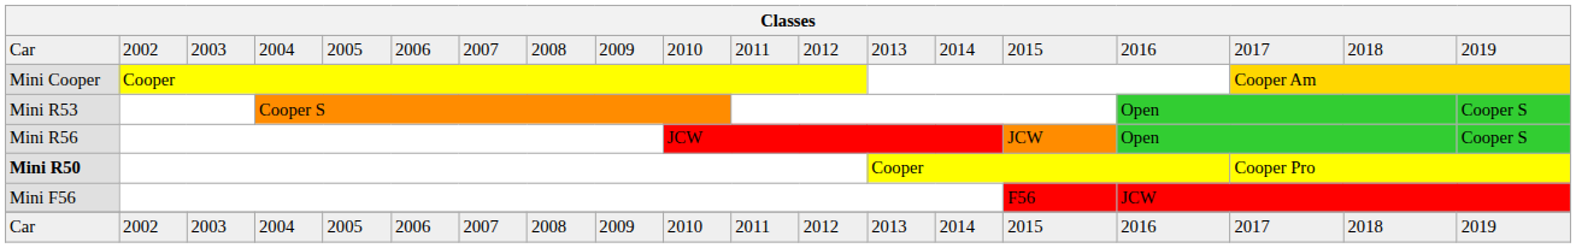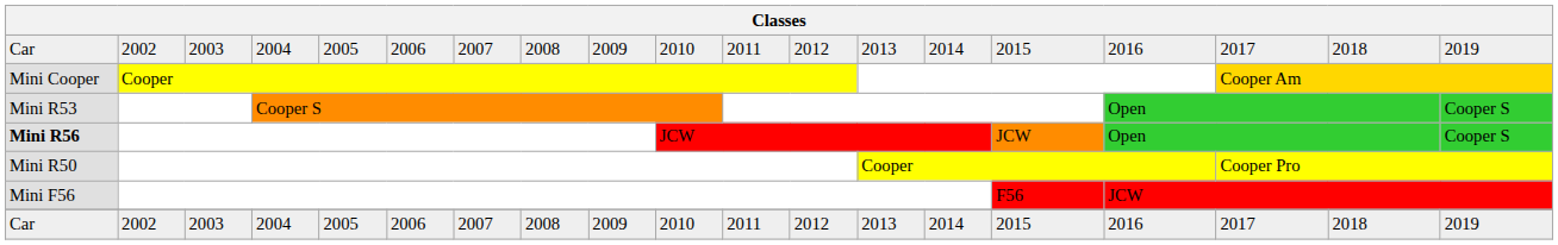 <table class="wikitable" style="font-size:88%">
 <tr>
 <th colspan=31>Classes</th>
 </tr>
 <tr>
 </tr>
 <tr style="background:#EFEFEF;">
 <td width=5%>Car</td>
 <td width=3%>2002</td>
 <td width=3%>2003</td>
 <td width=3%>2004</td>
 <td width=3%>2005</td>
 <td width=3%>2006</td>
 <td width=3%>2007</td>
 <td width=3%>2008</td>
 <td width=3%>2009</td>
 <td width=3%>2010</td>
 <td width=3%>2011</td>
 <td width=3%>2012</td>
 <td width=3%>2013</td>
 <td width=3%>2014</td>
 <td width=5%>2015</td>
 <td width=5%>2016</td>
 <td width=5%>2017</td>
 <td width=5%>2018</td>
 <td width=5%>2019</td>
 </tr>
 <tr>
 <td colspan= 1 style="background:#E0E0E0;">Mini Cooper</td>
 <td colspan= 11 style="background:#FFFF00;">Cooper</td>
 <td colspan= 4 style="background:#FFFFFF;"></td>
 <td colspan= 3 style="background:#FFD700;">Cooper Am</td>
 </tr>
 <tr>
 <td colspan= 1 style="background:#E0E0E0;">Mini R53</td>
 <td colspan= 2 style="background:#FFFFFF;"></td>
 <td colspan= 7 style="background:#FF8C00;">Cooper S</td>
 <td colspan= 5 style="background:#FFFFFF;"></td>
 <td colspan= 3 style="background:#32CD32;">Open</td>
 <td colspan= 1 style="background:#32CD32;">Cooper S</td>
 </tr>
 <tr>
-<td colspan= 1 style="background:#E0E0E0;">Mini R56</td>
+<td colspan= 1 style="background:#E0E0E0;"><strong>Mini R56</strong></td>
 <td colspan= 8 style="background:#FFFFFF;"></td>
 <td colspan= 5 style="background:#FF0000;">JCW</td>
 <td colspan= 1 style="background:#FF8C00;">JCW</td>
 <td colspan= 3 style="background:#32CD32;">Open</td>
 <td colspan= 1 style="background:#32CD32;">Cooper S</td>
 </tr>
 <tr>
-<td colspan= 1 style="background:#E0E0E0;"><strong>Mini R50</strong></td>
+<td colspan= 1 style="background:#E0E0E0;">Mini R50</td>
 <td colspan= 11 style="background:#FFFFFF;"></td>
 <td colspan= 4 style="background:#FFFF00;">Cooper</td>
 <td colspan= 3 style="background:#FFFF00;">Cooper Pro</td>
 </tr>
 <tr>
 <td colspan= 1 style="background:#E0E0E0;">Mini F56</td>
 <td colspan= 13 style="background:#FFFFFF;"></td>
 <td colspan= 1 style="background:#FF0000;">F56</td>
 <td colspan= 4 style="background:#FF0000;">JCW</td>
 </tr>
 <tr>
 </tr>
 <tr style="background:#EFEFEF;">
 <td width=5%>Car</td>
 <td width=3%>2002</td>
 <td width=3%>2003</td>
 <td width=3%>2004</td>
 <td width=3%>2005</td>
 <td width=3%>2006</td>
 <td width=3%>2007</td>
 <td width=3%>2008</td>
 <td width=3%>2009</td>
 <td width=3%>2010</td>
 <td width=3%>2011</td>
 <td width=3%>2012</td>
 <td width=3%>2013</td>
 <td width=3%>2014</td>
 <td width=5%>2015</td>
 <td width=5%>2016</td>
 <td width=5%>2017</td>
 <td width=5%>2018</td>
 <td width=5%>2019</td>
 </tr>
 </table>
